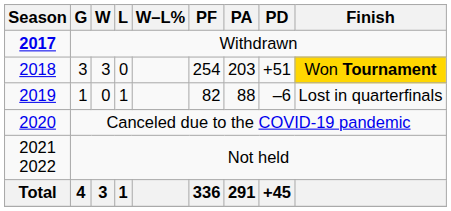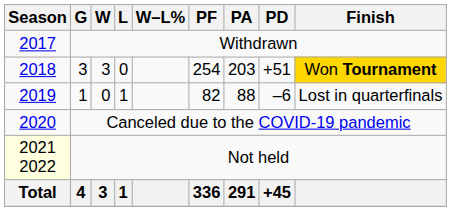 <table class="wikitable"  style="text-align:right; font-size:100%;">
 <tr>
 <th>Season</th>
 <th data-sort-type="number">G</th>
 <th data-sort-type="number">W</th>
 <th data-sort-type="number">L</th>
 <th data-sort-type="number">W–L%</th>
 <th data-sort-type="number">PF</th>
 <th data-sort-type="number">PA</th>
 <th data-sort-type="number">PD</th>
 <th>Finish</th>
 </tr>
 <tr>
-<td align="center"><strong><a href='#'>2017</a></strong></td>
+<td align="center"><a href='#'>2017</a></td>
 <td colspan=8 align="center">Withdrawn</td>
 </tr>
 <tr>
 <td align="center"><a href='#'>2018</a></td>
 <td>3</td>
 <td>3</td>
 <td>0</td>
 <td></td>
 <td>254</td>
 <td>203</td>
 <td>+51</td>
 <td align="center" style="background:gold;">Won <strong>Tournament</strong></td>
 </tr>
 <tr>
 <td align="center"><a href='#'>2019</a></td>
 <td>1</td>
 <td>0</td>
 <td>1</td>
 <td></td>
 <td>82</td>
 <td>88</td>
 <td>–6</td>
 <td>Lost in quarterfinals</td>
 </tr>
 <tr>
 <td align="center"><a href='#'>2020</a></td>
 <td colspan=8 align="center">Canceled due to the <a href='#'>COVID-19 pandemic</a></td>
 </tr>
 <tr>
-<td align="center">2021<br>2022</td>
+<td align="center" style="background: lightyellow;">2021<br>2022</td>
 <td colspan=8 align="center">Not held</td>
 </tr>
 <tr>
 <th>Total</th>
 <th>4</th>
 <th>3</th>
 <th>1</th>
 <th></th>
 <th>336</th>
 <th>291</th>
 <th>+45</th>
 <th></th>
 </tr>
 <tr>
 </tr>
 </table>
